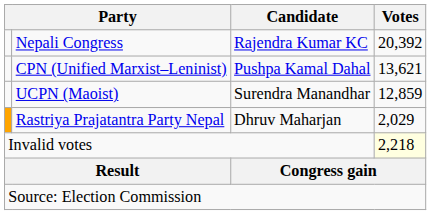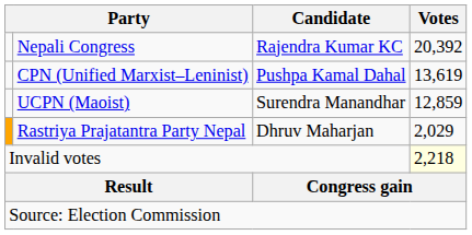 <table class="wikitable">
 <tr>
 <th colspan="2">Party</th>
 <th>Candidate</th>
 <th>Votes</th>
 </tr>
 <tr>
 <td style="background-color:"></td>
 <td><a href='#'>Nepali Congress</a></td>
 <td><a href='#'>Rajendra Kumar KC</a></td>
 <td>20,392</td>
 </tr>
 <tr>
 <td style="background-color:"></td>
 <td><a href='#'>CPN (Unified Marxist–Leninist)</a></td>
 <td><a href='#'>Pushpa Kamal Dahal</a></td>
-<td>13,621</td>
+<td>13,619</td>
 </tr>
 <tr>
 <td style="background-color:"></td>
 <td><a href='#'>UCPN (Maoist)</a></td>
 <td>Surendra Manandhar</td>
 <td>12,859</td>
 </tr>
 <tr>
 <td style="background-color:orange"></td>
 <td><a href='#'>Rastriya Prajatantra Party Nepal</a></td>
 <td>Dhruv Maharjan</td>
 <td>2,029</td>
 </tr>
 <tr>
 <td colspan="3">Invalid votes</td>
 <td style="background: lightyellow;">2,218</td>
 </tr>
 <tr>
 <th colspan="2">Result</th>
 <th colspan="2">Congress gain</th>
 </tr>
 <tr>
 <td colspan="4">Source: Election Commission</td>
 </tr>
 </table>
